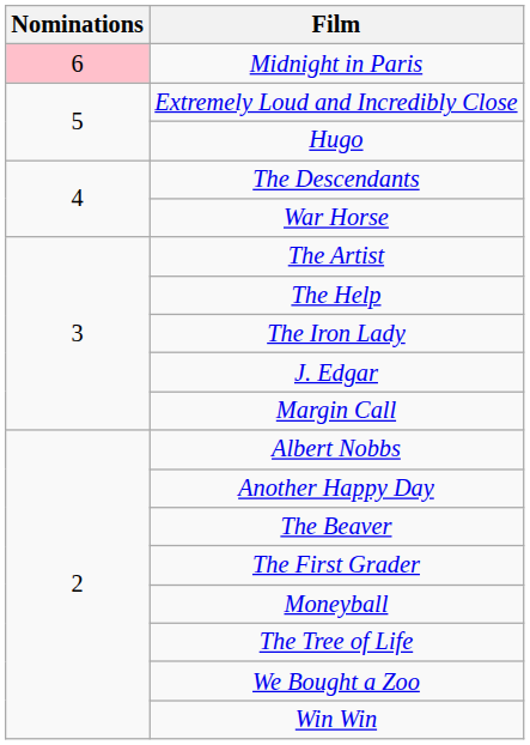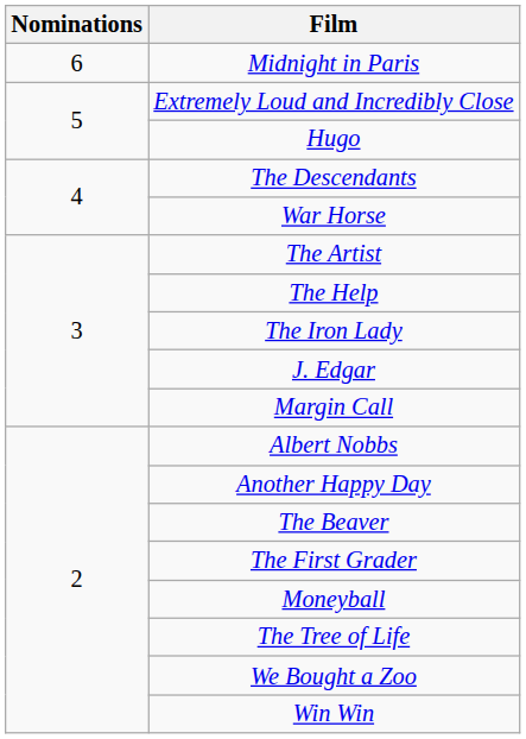 <table class="wikitable plainrowheaders" style="text-align:center;">
 <tr>
 <th scope="col" style="width:55px;">Nominations</th>
 <th scope="col" style="text-align:center;">Film</th>
 </tr>
 <tr>
-<td rowspan="1" scope="row" style="background: pink; text-align:center">6</td>
+<td rowspan="1" scope="row" style="text-align:center">6</td>
 <td><em><a href='#'>Midnight in Paris</a></em></td>
 </tr>
 <tr>
 <td scope=row rowspan=2 style="text-align:center;">5</td>
 <td><em><a href='#'>Extremely Loud and Incredibly Close</a></em></td>
 </tr>
 <tr>
 <td><em><a href='#'>Hugo</a></em></td>
 </tr>
 <tr>
 <td scope=row rowspan=2 style="text-align:center;">4</td>
 <td><em><a href='#'>The Descendants</a></em></td>
 </tr>
 <tr>
 <td><em><a href='#'>War Horse</a></em></td>
 </tr>
 <tr>
 <td scope=row rowspan=5 style="text-align:center;">3</td>
 <td><em><a href='#'>The Artist</a></em></td>
 </tr>
 <tr>
 <td><em><a href='#'>The Help</a></em></td>
 </tr>
 <tr>
 <td><em><a href='#'>The Iron Lady</a></em></td>
 </tr>
 <tr>
 <td><em><a href='#'>J. Edgar</a></em></td>
 </tr>
 <tr>
 <td><em><a href='#'>Margin Call</a></em></td>
 </tr>
 <tr>
 <td scope=row rowspan=8 style="text-align:center;">2</td>
 <td><em><a href='#'>Albert Nobbs</a></em></td>
 </tr>
 <tr>
 <td><em><a href='#'>Another Happy Day</a></em></td>
 </tr>
 <tr>
 <td><em><a href='#'>The Beaver</a></em></td>
 </tr>
 <tr>
 <td><em><a href='#'>The First Grader</a></em></td>
 </tr>
 <tr>
 <td><em><a href='#'>Moneyball</a></em></td>
 </tr>
 <tr>
 <td><em><a href='#'>The Tree of Life</a></em></td>
 </tr>
 <tr>
 <td><em><a href='#'>We Bought a Zoo</a></em></td>
 </tr>
 <tr>
 <td><em><a href='#'>Win Win</a></em></td>
 </tr>
 </table>
